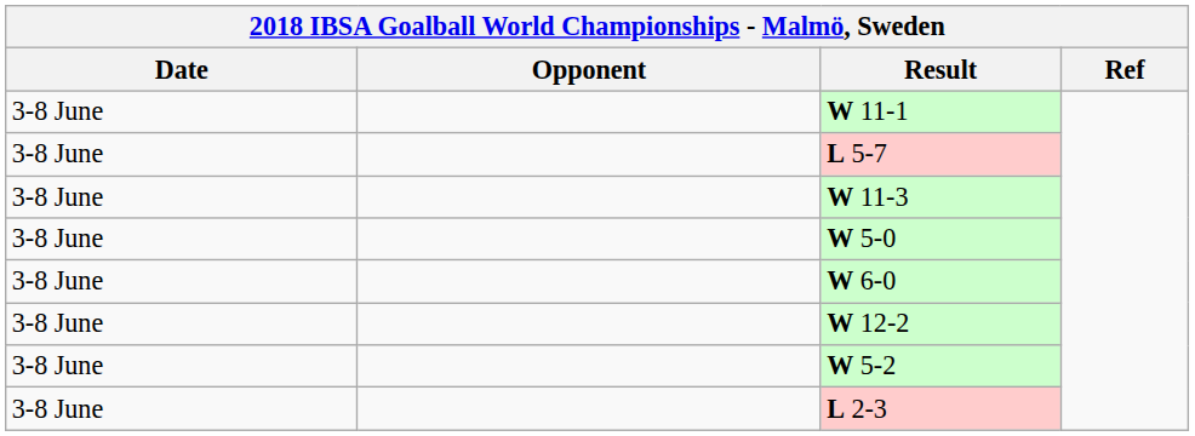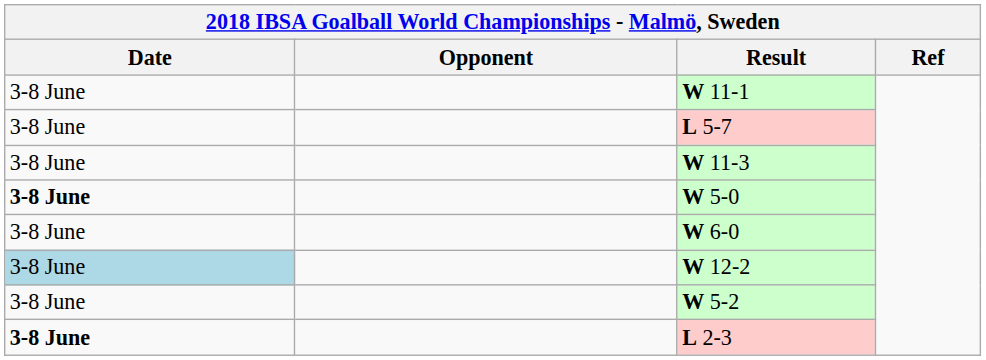 <table class="wikitable">
 <tr>
 <th width=700 colspan=4><a href='#'>2018 IBSA Goalball World Championships</a> - <a href='#'>Malmö</a>, Sweden </th>
 </tr>
 <tr>
 <th width=150>Date</th>
 <th width=200>Opponent</th>
 <th width=100>Result</th>
 <th width=50>Ref</th>
 </tr>
 <tr>
 <td>3-8 June</td>
 <td></td>
 <td bgcolor=#cfc><strong>W</strong> 11-1</td>
 <td rowspan=8></td>
 </tr>
 <tr>
 <td>3-8 June</td>
 <td></td>
 <td bgcolor=#fcc><strong>L</strong> 5-7</td>
 </tr>
 <tr>
 <td>3-8 June</td>
 <td></td>
 <td bgcolor=#cfc><strong>W</strong> 11-3</td>
 </tr>
 <tr>
-<td>3-8 June</td>
+<td><strong>3-8 June</strong></td>
 <td></td>
 <td bgcolor=#cfc><strong>W</strong> 5-0</td>
 </tr>
 <tr>
 <td>3-8 June</td>
 <td></td>
 <td bgcolor=#cfc><strong>W</strong> 6-0</td>
 </tr>
 <tr>
-<td>3-8 June</td>
+<td style="background: lightblue;">3-8 June</td>
 <td></td>
 <td bgcolor=#cfc><strong>W</strong> 12-2</td>
 </tr>
 <tr>
 <td>3-8 June</td>
 <td></td>
 <td bgcolor=#cfc><strong>W</strong> 5-2</td>
 </tr>
 <tr>
-<td>3-8 June</td>
+<td><strong>3-8 June</strong></td>
 <td></td>
 <td bgcolor=#fcc><strong>L</strong> 2-3</td>
 </tr>
 </table>
